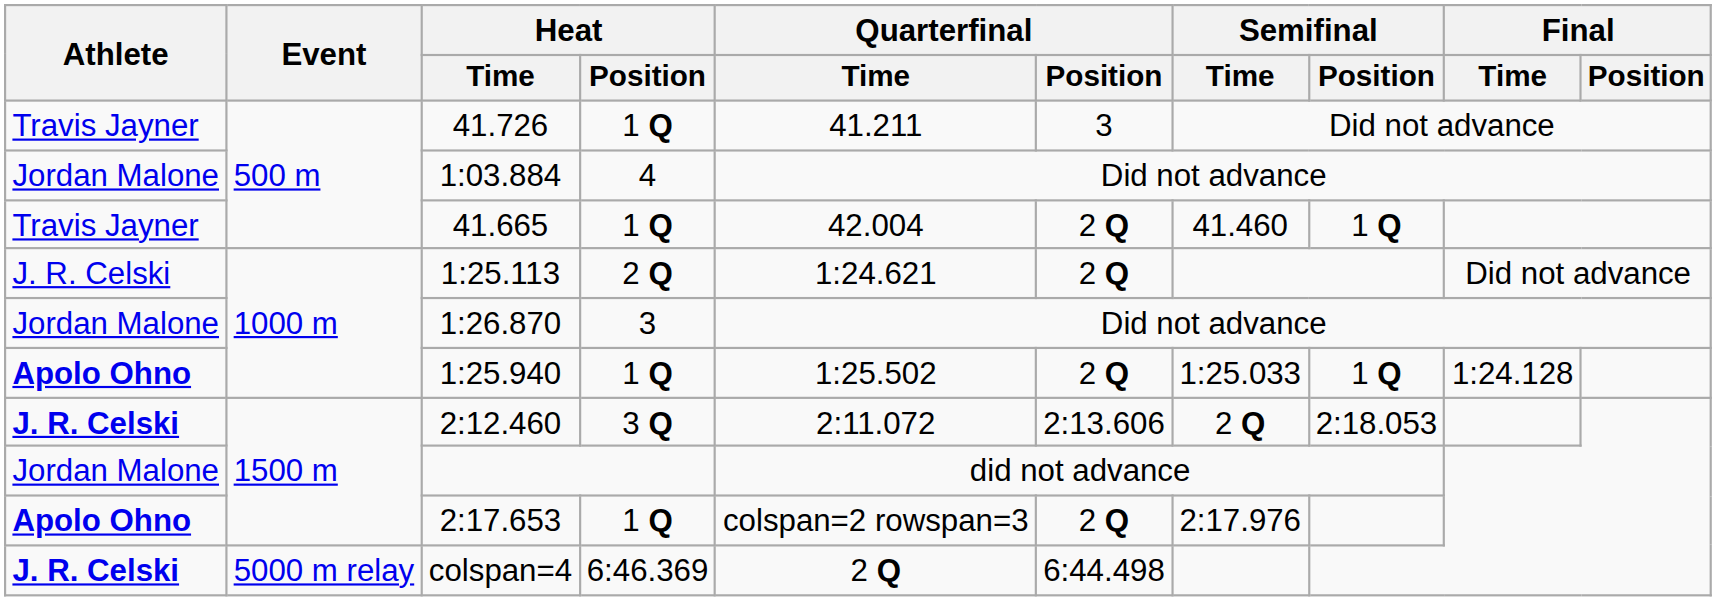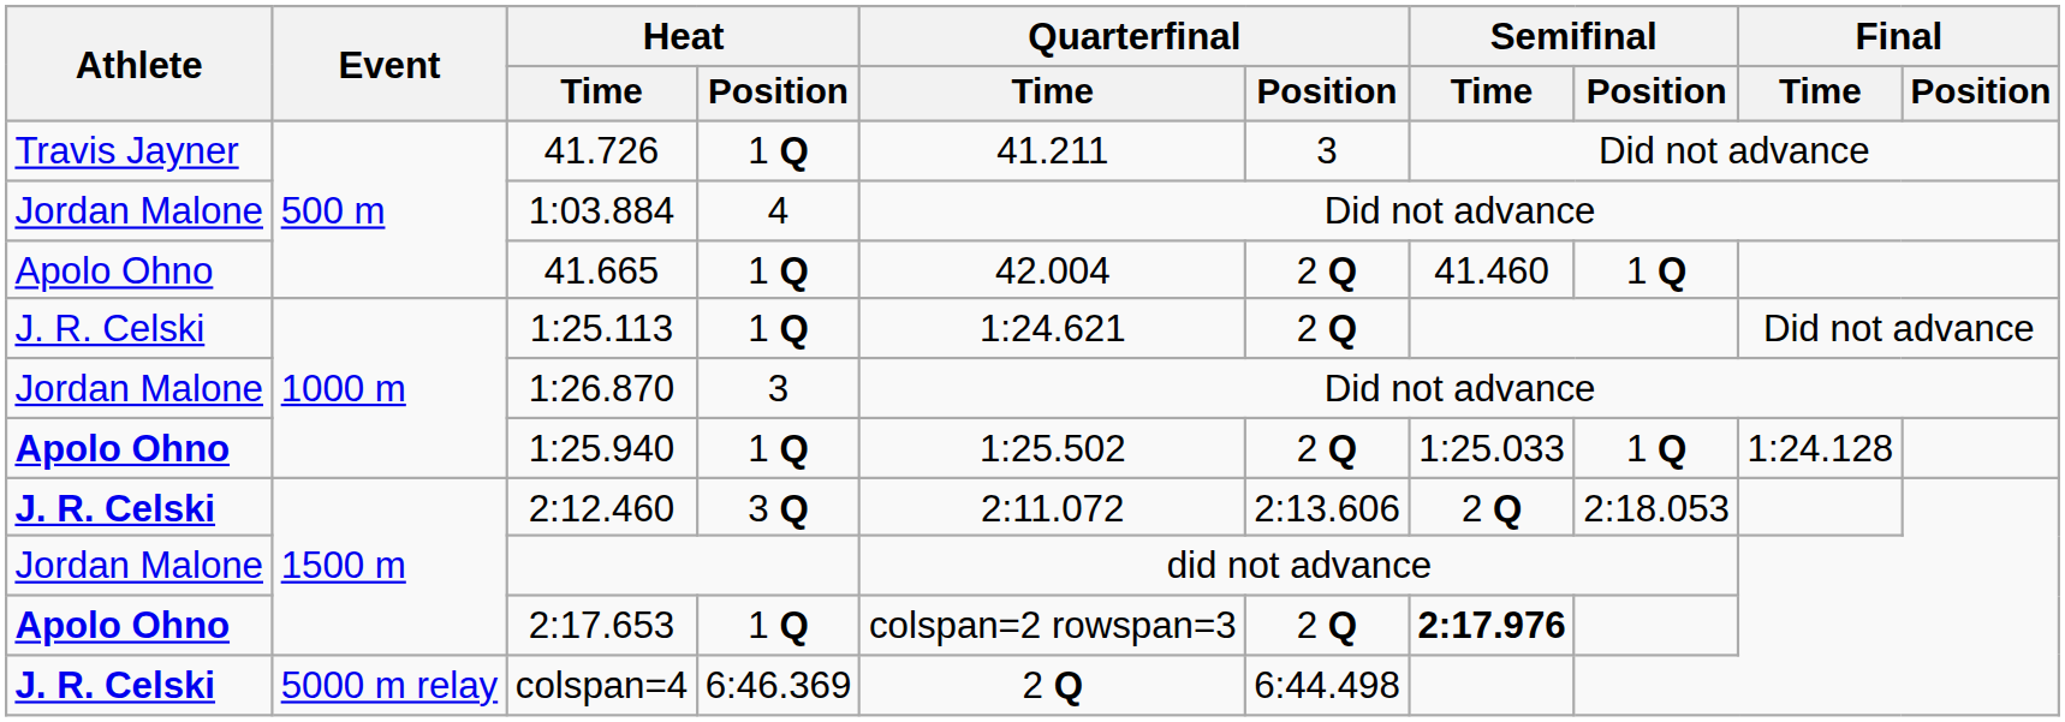 <table class=wikitable style=font-size:90%;text-align:center>
 <tr>
 <th rowspan=2>Athlete</th>
 <th rowspan=2>Event</th>
 <th colspan=2>Heat</th>
 <th colspan=2>Quarterfinal</th>
 <th colspan=2>Semifinal</th>
 <th colspan=2>Final</th>
 </tr>
 <tr style=font-size:95%>
 <th>Time</th>
 <th>Position</th>
 <th>Time</th>
 <th>Position</th>
 <th>Time</th>
 <th>Position</th>
 <th>Time</th>
 <th>Position</th>
 </tr>
 <tr>
 <td align=left><a href='#'>Travis Jayner</a></td>
 <td align=left rowspan=3><a href='#'>500 m</a></td>
 <td>41.726</td>
 <td>1 <strong>Q</strong></td>
 <td>41.211</td>
 <td>3</td>
 <td colspan=4>Did not advance</td>
 </tr>
 <tr>
 <td align=left><a href='#'>Jordan Malone</a></td>
 <td>1:03.884</td>
 <td>4</td>
 <td colspan=6>Did not advance</td>
 </tr>
 <tr>
-<td align=left><a href='#'>Travis Jayner</a></td>
+<td align=left><a href='#'>Apolo Ohno</a></td>
 <td>41.665</td>
 <td>1 <strong>Q</strong></td>
 <td>42.004</td>
 <td>2 <strong>Q</strong></td>
 <td>41.460</td>
 <td>1 <strong>Q</strong></td>
 <td colspan=2></td>
 </tr>
 <tr>
 <td align=left><a href='#'>J. R. Celski</a></td>
 <td align=left rowspan=3><a href='#'>1000 m</a></td>
 <td>1:25.113</td>
-<td>2 <strong>Q</strong></td>
+<td>1 <strong>Q</strong></td>
 <td>1:24.621</td>
 <td>2 <strong>Q</strong></td>
 <td colspan=2></td>
 <td colspan=2>Did not advance</td>
 </tr>
 <tr>
 <td align=left><a href='#'>Jordan Malone</a></td>
 <td>1:26.870</td>
 <td>3</td>
 <td colspan=6>Did not advance</td>
 </tr>
 <tr>
 <td align=left><strong><a href='#'>Apolo Ohno</a></strong></td>
 <td>1:25.940</td>
 <td>1 <strong>Q</strong></td>
 <td>1:25.502</td>
 <td>2 <strong>Q</strong></td>
 <td>1:25.033</td>
 <td>1 <strong>Q</strong></td>
 <td>1:24.128</td>
 <td></td>
 </tr>
 <tr>
 <td align=left><strong><a href='#'>J. R. Celski</a></strong></td>
 <td align=left rowspan=3><a href='#'>1500 m</a></td>
 <td>2:12.460</td>
 <td>3 <strong>Q</strong></td>
 <td>2:11.072</td>
 <td>2:13.606</td>
 <td>2 <strong>Q</strong></td>
 <td>2:18.053</td>
 <td></td>
 </tr>
 <tr>
 <td align=left><a href='#'>Jordan Malone</a></td>
 <td colspan=2></td>
 <td colspan=4>did not advance</td>
 </tr>
 <tr>
 <td align=left><strong><a href='#'>Apolo Ohno</a></strong></td>
 <td>2:17.653</td>
 <td>1 <strong>Q</strong></td>
 <td>colspan=2 rowspan=3 </td>
 <td>2 <strong>Q</strong></td>
-<td>2:17.976</td>
+<td><strong>2:17.976</strong></td>
 <td></td>
 </tr>
 <tr>
 <td align=left><strong><a href='#'>J. R. Celski</a></strong></td>
 <td align=left><a href='#'>5000 m relay</a></td>
 <td>colspan=4 </td>
 <td>6:46.369</td>
 <td>2 <strong>Q</strong></td>
 <td>6:44.498</td>
 <td></td>
 </tr>
 </table>
